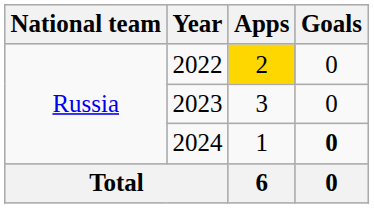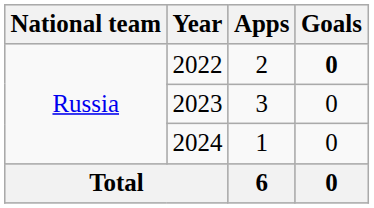 <table class="wikitable" style="text-align:center">
 <tr>
 <th>National team</th>
 <th>Year</th>
 <th>Apps</th>
 <th>Goals</th>
 </tr>
 <tr>
 <td rowspan="3"><a href='#'>Russia</a></td>
 <td>2022</td>
-<td style="background: gold;">2</td>
-<td>0</td>
+<td>2</td>
+<td><strong>0</strong></td>
 </tr>
 <tr>
 <td>2023</td>
 <td>3</td>
 <td>0</td>
 </tr>
 <tr>
 <td>2024</td>
 <td>1</td>
-<td><strong>0</strong></td>
+<td>0</td>
 </tr>
 <tr>
 <th colspan="2">Total</th>
 <th>6</th>
 <th>0</th>
 </tr>
 </table>
